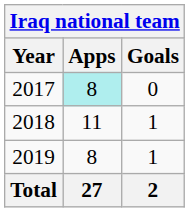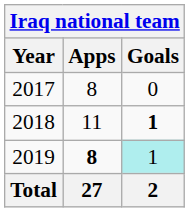 <table class="wikitable" style="text-align:center">
 <tr>
 <th colspan=5><a href='#'>Iraq national team</a></th>
 </tr>
 <tr>
 <th>Year</th>
 <th>Apps</th>
 <th>Goals</th>
 </tr>
 <tr>
 <td>2017</td>
-<td style="background: paleturquoise;">8</td>
+<td>8</td>
 <td>0</td>
 </tr>
 <tr>
 <td>2018</td>
 <td>11</td>
-<td>1</td>
+<td><strong>1</strong></td>
 </tr>
 <tr>
 <td>2019</td>
-<td>8</td>
-<td>1</td>
+<td><strong>8</strong></td>
+<td style="background: paleturquoise;">1</td>
 </tr>
 <tr>
 <th>Total</th>
 <th>27</th>
 <th>2</th>
 </tr>
 </table>
